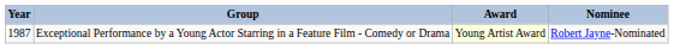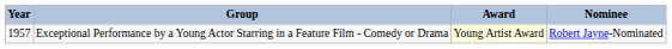 <table class="wikitable" style="font-size: 90%;">
 <tr>
 <th style="background:#B0C4DE;">Year</th>
 <th style="background:#B0C4DE;">Group</th>
 <th style="background:#B0C4DE;">Award</th>
 <th style="background:#B0C4DE;">Nominee</th>
 </tr>
 <tr>
-<td>1987</td>
+<td>1957</td>
 <td>Exceptional Performance by a Young Actor Starring in a Feature Film - Comedy or Drama</td>
 <td style="background: lightyellow;">Young Artist Award</td>
 <td><a href='#'>Robert Jayne</a>-Nominated</td>
 </tr>
 </table>
